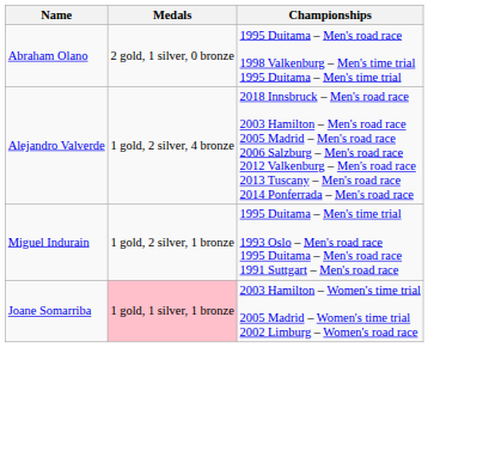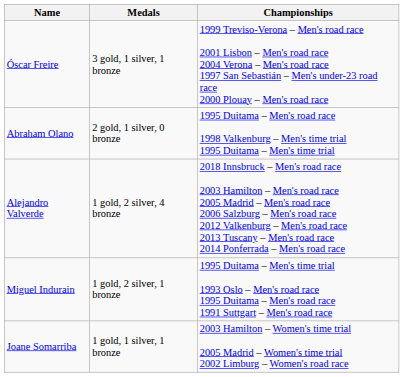 <table class="wikitable">
 <tr>
 <th>Name</th>
 <th>Medals</th>
 <th>Championships</th>
+</tr>
+<tr>
+<td><a href='#'>Óscar Freire</a></td>
+<td>3 gold, 1 silver, 1 bronze</td>
+<td> <a href='#'>1999 Treviso-Verona</a> – <a href='#'>Men's road race</a><br><br> <a href='#'>2001 Lisbon</a> – <a href='#'>Men's road race</a><br>  <a href='#'>2004 Verona</a> – <a href='#'>Men's road race</a><br>  <a href='#'>1997 San Sebastián</a> – <a href='#'>Men's under-23 road race</a><br>  <a href='#'>2000 Plouay</a> – <a href='#'>Men's road race</a></td>
 </tr>
 <tr>
 <td><a href='#'>Abraham Olano</a></td>
 <td>2 gold, 1 silver, 0 bronze</td>
 <td> <a href='#'>1995 Duitama</a> – <a href='#'>Men's road race</a><br><br> <a href='#'>1998 Valkenburg</a> – <a href='#'>Men's time trial</a><br>  <a href='#'>1995 Duitama</a> – <a href='#'>Men's time trial</a></td>
 </tr>
 <tr>
 <td><a href='#'>Alejandro Valverde</a></td>
 <td>1 gold, 2 silver, 4 bronze</td>
 <td> <a href='#'>2018 Innsbruck</a> – <a href='#'>Men's road race</a><br><br> <a href='#'>2003 Hamilton</a> – <a href='#'>Men's road race</a><br>  <a href='#'>2005 Madrid</a> – <a href='#'>Men's road race</a> <br>  <a href='#'>2006 Salzburg</a> – <a href='#'>Men's road race</a> <br>  <a href='#'>2012 Valkenburg</a> – <a href='#'>Men's road race</a> <br>  <a href='#'>2013 Tuscany</a> – <a href='#'>Men's road race</a> <br>  <a href='#'>2014 Ponferrada</a> – <a href='#'>Men's road race</a> <br></td>
 </tr>
 <tr>
 <td><a href='#'>Miguel Indurain</a></td>
 <td>1 gold, 2 silver, 1 bronze</td>
 <td> <a href='#'>1995 Duitama</a> – <a href='#'>Men's time trial</a><br><br> <a href='#'>1993 Oslo</a> – <a href='#'>Men's road race</a><br>  <a href='#'>1995 Duitama</a> – <a href='#'>Men's road race</a><br>  <a href='#'>1991 Suttgart</a> – <a href='#'>Men's road race</a></td>
 </tr>
 <tr>
 <td><a href='#'>Joane Somarriba</a></td>
-<td style="background: pink;">1 gold, 1 silver, 1 bronze</td>
+<td>1 gold, 1 silver, 1 bronze</td>
 <td> <a href='#'>2003 Hamilton</a> – <a href='#'>Women's time trial</a><br><br> <a href='#'>2005 Madrid</a> – <a href='#'>Women's time trial</a><br>  <a href='#'>2002 Limburg</a> – <a href='#'>Women's road race</a></td>
 </tr>
 </table>
